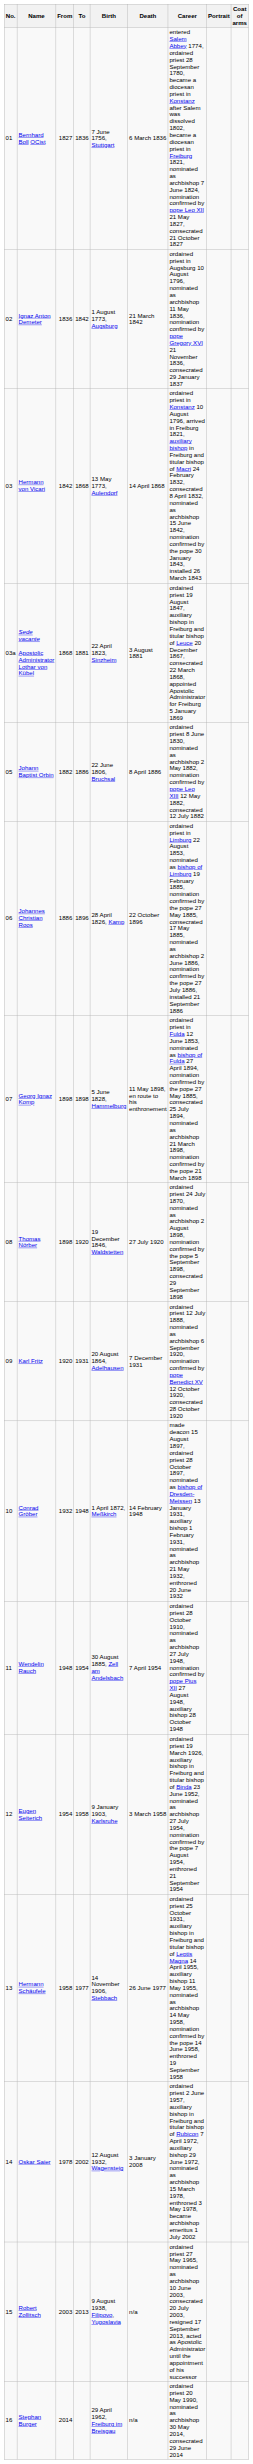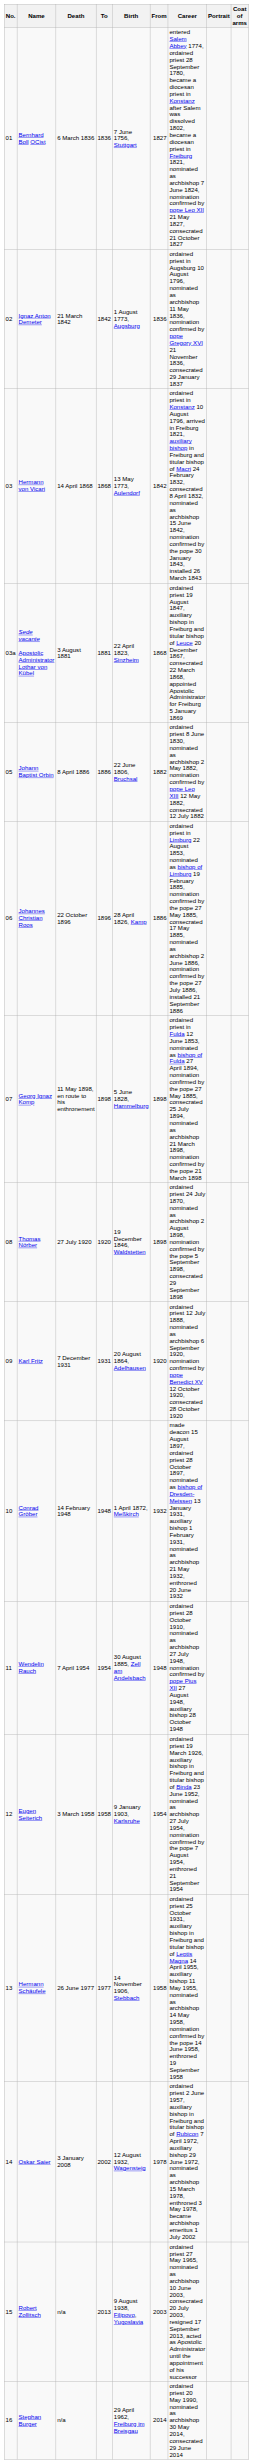 <table class="wikitable">
 <tr>
 <th bgcolor="silver">No.</th>
 <th bgcolor="silver">Name</th>
-<th bgcolor="silver">From</th>
+<th bgcolor="silver">Death</th>
 <th bgcolor="silver">To</th>
 <th bgcolor="silver">Birth</th>
-<th bgcolor="silver">Death</th>
+<th bgcolor="silver">From</th>
 <th bgcolor="silver">Career</th>
 <th bgcolor="silver">Portrait</th>
 <th bgcolor="silver">Coat of arms</th>
 </tr>
 <tr>
 <td>01</td>
 <td><a href='#'>Bernhard Boll</a> <a href='#'>OCist</a></td>
-<td align="right">1827</td>
+<td>6 March 1836</td>
 <td align="right">1836</td>
 <td>7 June 1756, <a href='#'>Stuttgart</a></td>
-<td>6 March 1836</td>
+<td align="right">1827</td>
 <td>entered <a href='#'>Salem Abbey</a> 1774, ordained priest 28 September 1780, became a diocesan priest in <a href='#'>Konstanz</a> after Salem was dissolved 1802, became a diocesan priest in <a href='#'>Freiburg</a> 1821, nominated as archbishop 7 June 1824, nomination confirmed by <a href='#'>pope Leo XII</a> 21 May 1827, consecrated 21 October 1827</td>
 <td align="center"></td>
 <td align="center"></td>
 </tr>
 <tr>
 <td>02</td>
 <td><a href='#'>Ignaz Anton Demeter</a></td>
-<td align="right">1836</td>
+<td>21 March 1842</td>
 <td align="right">1842</td>
 <td>1 August 1773, <a href='#'>Augsburg</a></td>
-<td>21 March 1842</td>
+<td align="right">1836</td>
 <td>ordained priest in Augsburg 10 August 1796, nominated as archbishop 11 May 1836, nomination confirmed by <a href='#'>pope Gregory XVI</a> 21 November 1836, consecrated 29 January 1837</td>
 <td align="center"></td>
 <td align="center"></td>
 </tr>
 <tr>
 <td>03</td>
 <td><a href='#'>Hermann von Vicari</a></td>
-<td align="right">1842</td>
+<td>14 April 1868</td>
 <td align="right">1868</td>
 <td>13 May 1773, <a href='#'>Aulendorf</a></td>
-<td>14 April 1868</td>
+<td align="right">1842</td>
 <td>ordained priest in <a href='#'>Konstanz</a> 10 August 1796, arrived in Freiburg 1821, <a href='#'>auxiliary bishop</a> in Freiburg and titular bishop of <a href='#'>Macri</a> 24 February 1832, consecrated 8 April 1832, nominated as archbishop 15 June 1842, nomination confirmed by the pope 30 January 1843, installed 26 March 1843</td>
 <td align="center"></td>
 <td align="center"></td>
 </tr>
 <tr>
 <td>03a</td>
 <td><em><a href='#'>Sede vacante</a></em><br><br><a href='#'>Apostolic Administrator</a><br><a href='#'>Lothar von Kübel</a></td>
-<td align="right">1868</td>
+<td>3 August 1881</td>
 <td align="right">1881</td>
 <td>22 April 1823, <a href='#'>Sinzheim</a></td>
-<td>3 August 1881</td>
+<td align="right">1868</td>
 <td>ordained priest 19 August 1847, auxiliary bishop in Freiburg and titular bishop of <a href='#'>Leuce</a> 20 December 1867, consecrated 22 March 1868, appointed Apostolic Administrator for Freiburg 5 January 1869</td>
 <td align="center"></td>
 <td align="center"></td>
 </tr>
 <tr>
 <td>05</td>
 <td><a href='#'>Johann Baptist Orbin</a></td>
-<td align="right">1882</td>
+<td>8 April 1886</td>
 <td align="right">1886</td>
 <td>22 June 1806, <a href='#'>Bruchsal</a></td>
-<td>8 April 1886</td>
+<td align="right">1882</td>
 <td>ordained priest 8 June 1830, nominated as archbishop 2 May 1882, nomination confirmed by <a href='#'>pope Leo XIII</a> 12 May 1882, consecrated 12 July 1882</td>
 <td align="center"></td>
 <td align="center"></td>
 </tr>
 <tr>
 <td>06</td>
 <td><a href='#'>Johannes Christian Roos</a></td>
-<td align="right">1886</td>
+<td>22 October 1896</td>
 <td align="right">1896</td>
 <td>28 April 1826, <a href='#'>Kamp</a></td>
-<td>22 October 1896</td>
+<td align="right">1886</td>
 <td>ordained priest in <a href='#'>Limburg</a> 22 August 1853, nominated as <a href='#'>bishop of Limburg</a> 19 February 1885, nomination confirmed by the pope 27 May 1885, consecrated 17 May 1885, nominated as archbishop 2 June 1886, nomination confirmed by the pope 27 July 1886, installed 21 September 1886</td>
 <td align="center"></td>
 <td align="center"></td>
 </tr>
 <tr>
 <td>07</td>
 <td><a href='#'>Georg Ignaz Komp</a></td>
-<td align="right">1898</td>
+<td>11 May 1898, en route to his enthronement</td>
 <td align="right">1898</td>
 <td>5 June 1828, <a href='#'>Hammelburg</a></td>
-<td>11 May 1898, en route to his enthronement</td>
+<td align="right">1898</td>
 <td>ordained priest in <a href='#'>Fulda</a> 12 June 1853, nominated as <a href='#'>bishop of Fulda</a> 27 April 1894, nomination confirmed by the pope 27 May 1885, consecrated 25 July 1894, nominated as archbishop 21 March 1898, nomination confirmed by the pope 21 March 1898</td>
 <td align="center"></td>
 <td align="center"></td>
 </tr>
 <tr>
 <td>08</td>
 <td><a href='#'>Thomas Nörber</a></td>
-<td align="right">1898</td>
+<td>27 July 1920</td>
 <td align="right">1920</td>
 <td>19 December 1846, <a href='#'>Waldstetten</a></td>
-<td>27 July 1920</td>
+<td align="right">1898</td>
 <td>ordained priest 24 July 1870, nominated as archbishop 2 August 1898, nomination confirmed by the pope 5 September 1898, consecrated 29 September 1898</td>
 <td align="center"></td>
 <td align="center"></td>
 </tr>
 <tr>
 <td>09</td>
 <td><a href='#'>Karl Fritz</a></td>
-<td align="right">1920</td>
+<td>7 December 1931</td>
 <td align="right">1931</td>
 <td>20 August 1864, <a href='#'>Adelhausen</a></td>
-<td>7 December 1931</td>
+<td align="right">1920</td>
 <td>ordained priest 12 July 1888, nominated as archbishop 6 September 1920, nomination confirmed by <a href='#'>pope Benedict XV</a> 12 October 1920, consecrated 28 October 1920</td>
 <td align="center"></td>
 <td align="center"></td>
 </tr>
 <tr>
 <td>10</td>
 <td><a href='#'>Conrad Gröber</a></td>
-<td align="right">1932</td>
+<td>14 February 1948</td>
 <td align="right">1948</td>
 <td>1 April 1872, <a href='#'>Meßkirch</a></td>
-<td>14 February 1948</td>
+<td align="right">1932</td>
 <td>made deacon 15 August 1897, ordained priest 28 October 1897, nominated as <a href='#'>bishop of Dresden-Meissen</a> 13 January 1931, auxiliary bishop 1 February 1931, nominated as archbishop 21 May 1932, enthroned 20 June 1932</td>
 <td align="center"></td>
 <td align="center"></td>
 </tr>
 <tr>
 <td>11</td>
 <td><a href='#'>Wendelin Rauch</a></td>
-<td align="right">1948</td>
+<td>7 April 1954</td>
 <td align="right">1954</td>
 <td>30 August 1885, <a href='#'>Zell am Andelsbach</a></td>
-<td>7 April 1954</td>
+<td align="right">1948</td>
 <td>ordained priest 28 October 1910, nominated as archbishop 27 July 1948, nomination confirmed by <a href='#'>pope Pius XII</a> 27 August 1948, auxiliary bishop 28 October 1948</td>
 <td align="center"></td>
 <td align="center"></td>
 </tr>
 <tr>
 <td>12</td>
 <td><a href='#'>Eugen Seiterich</a></td>
-<td align="right">1954</td>
+<td>3 March 1958</td>
 <td align="right">1958</td>
 <td>9 January 1903, <a href='#'>Karlsruhe</a></td>
-<td>3 March 1958</td>
+<td align="right">1954</td>
 <td>ordained priest 19 March 1926, auxiliary bishop in Freiburg and titular bishop of <a href='#'>Binda</a> 23 June 1952, nominated as archbishop 27 July 1954, nomination confirmed by the pope 7 August 1954, enthroned 21 September 1954</td>
 <td align="center"></td>
 <td align="center"></td>
 </tr>
 <tr>
 <td>13</td>
 <td><a href='#'>Hermann Schäufele</a></td>
-<td align="right">1958</td>
+<td>26 June 1977</td>
 <td align="right">1977</td>
 <td>14 November 1906, <a href='#'>Stebbach</a></td>
-<td>26 June 1977</td>
+<td align="right">1958</td>
 <td>ordained priest 25 October 1931, auxiliary bishop in Freiburg and titular bishop of <a href='#'>Leptis Magna</a> 14 April 1955, auxiliary bishop 11 May 1955, nominated as archbishop 14 May 1958, nomination confirmed by the pope 14 June 1958, enthroned 19 September 1958</td>
 <td align="center"></td>
 <td align="center"></td>
 </tr>
 <tr>
 <td>14</td>
 <td><a href='#'>Oskar Saier</a></td>
-<td align="right">1978</td>
+<td>3 January 2008</td>
 <td align="right">2002</td>
 <td>12 August 1932, <a href='#'>Wagensteig</a></td>
-<td>3 January 2008</td>
+<td align="right">1978</td>
 <td>ordained priest 2 June 1957, auxiliary bishop in Freiburg and titular bishop of <a href='#'>Rubicon</a> 7 April 1972, auxiliary bishop 29 June 1972, nominated as archbishop 15 March 1978, enthroned 3 May 1978, became archbishop emeritus 1 July 2002</td>
 <td align="center"></td>
 <td align="center"></td>
 </tr>
 <tr>
 <td>15</td>
 <td><a href='#'>Robert Zollitsch</a></td>
-<td align="right">2003</td>
+<td>n/a</td>
 <td align="right">2013</td>
 <td>9 August 1938, <a href='#'>Filipovo</a>, <a href='#'>Yugoslavia</a></td>
-<td>n/a</td>
+<td align="right">2003</td>
 <td>ordained priest 27 May 1965, nominated as archbishop 10 June 2003, consecrated 20 July 2003, resigned 17 September 2013, acted as Apostolic Administrator until the appointment of his successor</td>
 <td align="center"></td>
 <td align="center"></td>
 </tr>
 <tr>
 <td>16</td>
 <td><a href='#'>Stephan Burger</a></td>
-<td align="right">2014</td>
+<td>n/a</td>
 <td align="right"></td>
 <td>29 April 1962, <a href='#'>Freiburg im Breisgau</a></td>
-<td>n/a</td>
+<td align="right">2014</td>
 <td>ordained priest 20 May 1990, nominated as archbishop 30 May 2014, consecrated 29 June 2014</td>
 <td align="center"></td>
 <td align="center"></td>
 </tr>
 </table>
